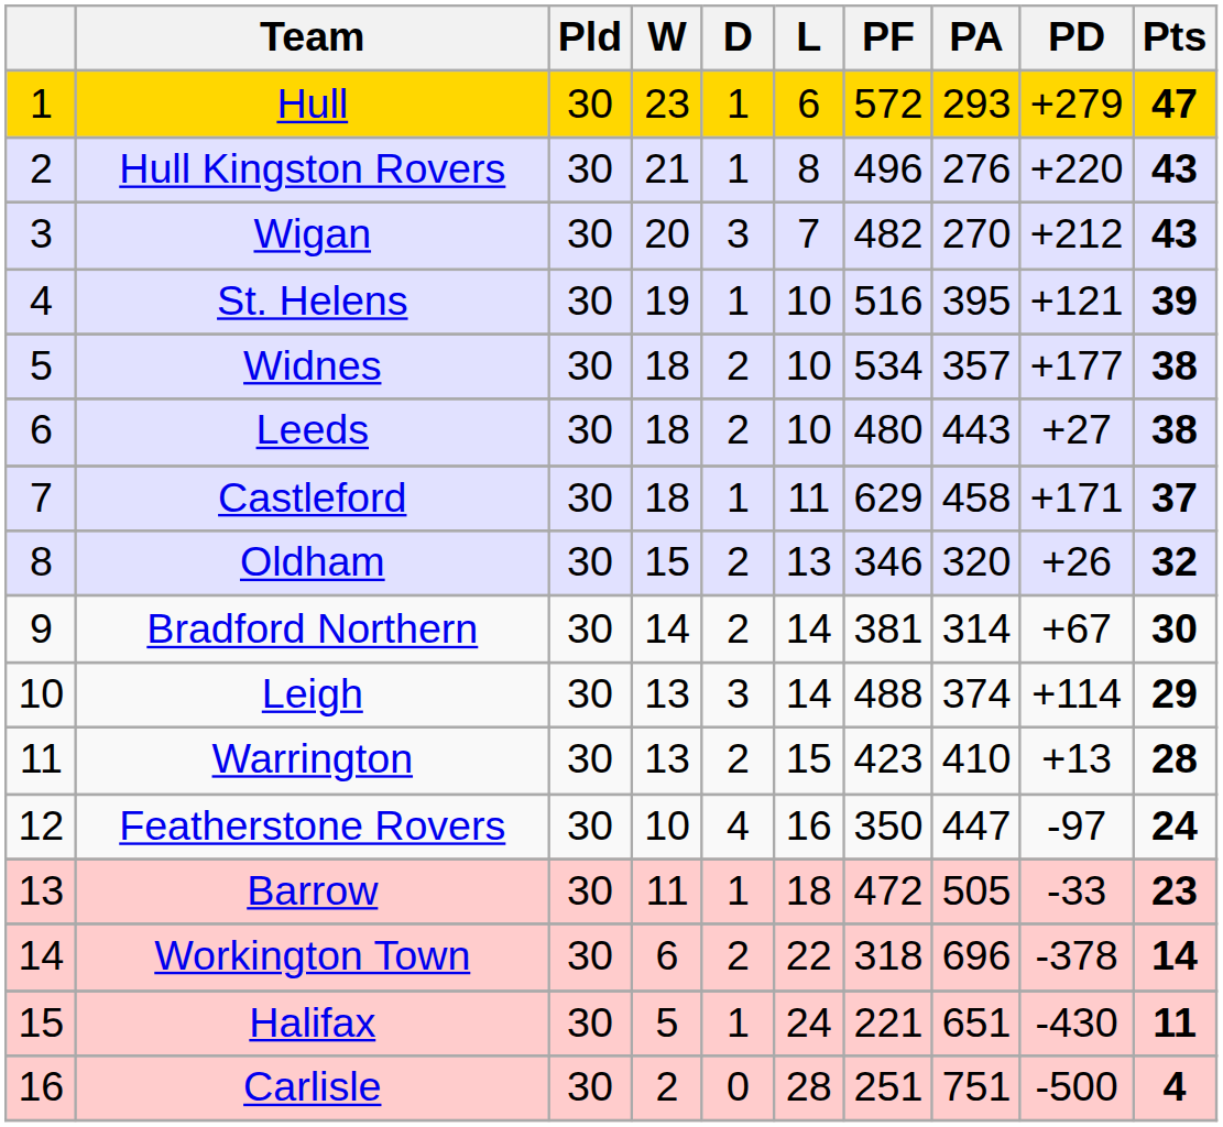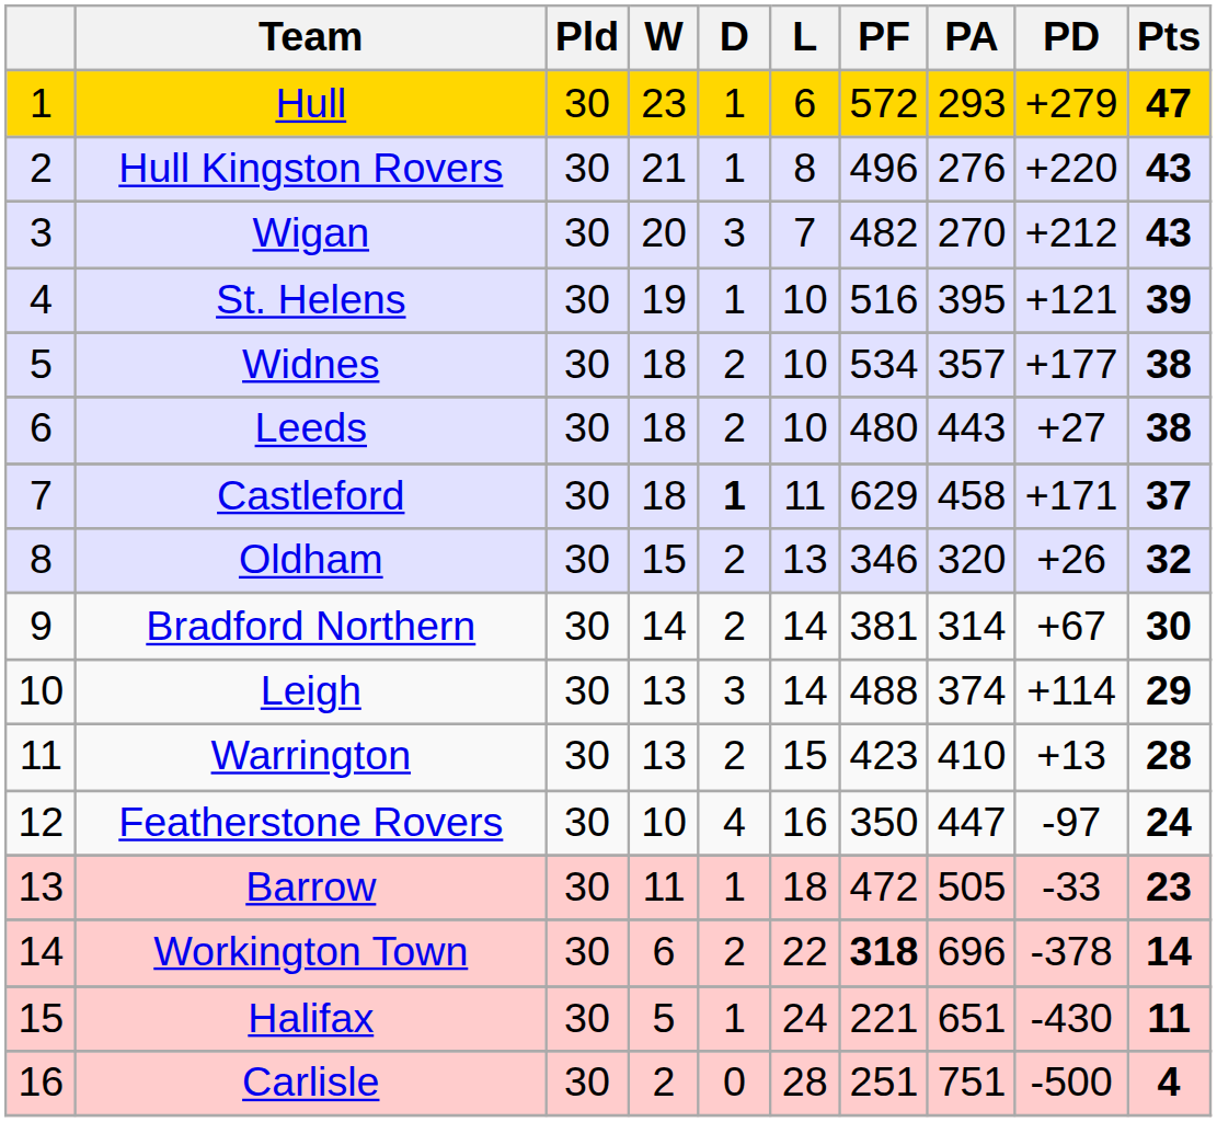 <table class="wikitable" style="text-align:center;">
 <tr>
 <th width=20 abbr="Position"></th>
 <th width=175>Team</th>
 <th width=20 abbr="Played">Pld</th>
 <th width=20 abbr="Won">W</th>
 <th width=20 abbr="Drawn">D</th>
 <th width=20 abbr="Lost">L</th>
 <th width=20 abbr="Points for">PF</th>
 <th width=20 abbr="Points against">PA</th>
 <th width=20 abbr="Points difference">PD</th>
 <th width=20 abbr="Points">Pts</th>
 </tr>
 <tr>
 </tr>
 <tr align=center style="background:#FFD700;">
 <td>1</td>
 <td style="text-align:center;"> <a href='#'>Hull</a></td>
 <td>30</td>
 <td>23</td>
 <td>1</td>
 <td>6</td>
 <td>572</td>
 <td>293</td>
 <td>+279</td>
 <td><strong>47</strong></td>
 </tr>
 <tr --->
 </tr>
 <tr align=center style="background:#e1e1ff;">
 <td>2</td>
 <td style="text-align:center;"> <a href='#'>Hull Kingston Rovers</a></td>
 <td>30</td>
 <td>21</td>
 <td>1</td>
 <td>8</td>
 <td>496</td>
 <td>276</td>
 <td>+220</td>
 <td><strong>43</strong></td>
 </tr>
 <tr --->
 </tr>
 <tr align=center style="background:#e1e1ff;">
 <td>3</td>
 <td style="text-align:center;"> <a href='#'>Wigan</a></td>
 <td>30</td>
 <td>20</td>
 <td>3</td>
 <td>7</td>
 <td>482</td>
 <td>270</td>
 <td>+212</td>
 <td><strong>43</strong></td>
 </tr>
 <tr --->
 </tr>
 <tr align=center style="background:#e1e1ff;">
 <td>4</td>
 <td style="text-align:center;"> <a href='#'>St. Helens</a></td>
 <td>30</td>
 <td>19</td>
 <td>1</td>
 <td>10</td>
 <td>516</td>
 <td>395</td>
 <td>+121</td>
 <td><strong>39</strong></td>
 </tr>
 <tr --->
 </tr>
 <tr align=center style="background:#e1e1ff;">
 <td>5</td>
 <td style="text-align:center;"> <a href='#'>Widnes</a></td>
 <td>30</td>
 <td>18</td>
 <td>2</td>
 <td>10</td>
 <td>534</td>
 <td>357</td>
 <td>+177</td>
 <td><strong>38</strong></td>
 </tr>
 <tr --->
 </tr>
 <tr align=center style="background:#e1e1ff;">
 <td>6</td>
 <td style="text-align:center;"> <a href='#'>Leeds</a></td>
 <td>30</td>
 <td>18</td>
 <td>2</td>
 <td>10</td>
 <td>480</td>
 <td>443</td>
 <td>+27</td>
 <td><strong>38</strong></td>
 </tr>
 <tr --->
 </tr>
 <tr align=center style="background:#e1e1ff;">
 <td>7</td>
 <td style="text-align:center;"> <a href='#'>Castleford</a></td>
 <td>30</td>
 <td>18</td>
-<td>1</td>
+<td><strong>1</strong></td>
 <td>11</td>
 <td>629</td>
 <td>458</td>
 <td>+171</td>
 <td><strong>37</strong></td>
 </tr>
 <tr --->
 </tr>
 <tr align=center style="background:#e1e1ff;">
 <td>8</td>
 <td style="text-align:center;"> <a href='#'>Oldham</a></td>
 <td>30</td>
 <td>15</td>
 <td>2</td>
 <td>13</td>
 <td>346</td>
 <td>320</td>
 <td>+26</td>
 <td><strong>32</strong></td>
 </tr>
 <tr --->
 </tr>
 <tr align=center style="background:">
 <td>9</td>
 <td style="text-align:center;"> <a href='#'>Bradford Northern</a></td>
 <td>30</td>
 <td>14</td>
 <td>2</td>
 <td>14</td>
 <td>381</td>
 <td>314</td>
 <td>+67</td>
 <td><strong>30</strong></td>
 </tr>
 <tr --->
 </tr>
 <tr align=center style="background:">
 <td>10</td>
 <td style="text-align:center;"> <a href='#'>Leigh</a></td>
 <td>30</td>
 <td>13</td>
 <td>3</td>
 <td>14</td>
 <td>488</td>
 <td>374</td>
 <td>+114</td>
 <td><strong>29</strong></td>
 </tr>
 <tr --->
 </tr>
 <tr align=center style="background:">
 <td>11</td>
 <td style="text-align:center;"> <a href='#'>Warrington</a></td>
 <td>30</td>
 <td>13</td>
 <td>2</td>
 <td>15</td>
 <td>423</td>
 <td>410</td>
 <td>+13</td>
 <td><strong>28</strong></td>
 </tr>
 <tr --->
 </tr>
 <tr align=center style="background:">
 <td>12</td>
 <td style="text-align:center;"> <a href='#'>Featherstone Rovers</a></td>
 <td>30</td>
 <td>10</td>
 <td>4</td>
 <td>16</td>
 <td>350</td>
 <td>447</td>
 <td>-97</td>
 <td><strong>24</strong></td>
 </tr>
 <tr --->
 </tr>
 <tr align=center style="background:#FFCCCC">
 <td>13</td>
 <td style="text-align:center;"> <a href='#'>Barrow</a></td>
 <td>30</td>
 <td>11</td>
 <td>1</td>
 <td>18</td>
 <td>472</td>
 <td>505</td>
 <td>-33</td>
 <td><strong>23</strong></td>
 </tr>
 <tr --->
 </tr>
 <tr align=center style="background:#FFCCCC">
 <td>14</td>
 <td style="text-align:center;"> <a href='#'>Workington Town</a></td>
 <td>30</td>
 <td>6</td>
 <td>2</td>
 <td>22</td>
-<td>318</td>
+<td><strong>318</strong></td>
 <td>696</td>
 <td>-378</td>
 <td><strong>14</strong></td>
 </tr>
 <tr --->
 </tr>
 <tr align=center style="background:#FFCCCC">
 <td>15</td>
 <td style="text-align:center;"> <a href='#'>Halifax</a></td>
 <td>30</td>
 <td>5</td>
 <td>1</td>
 <td>24</td>
 <td>221</td>
 <td>651</td>
 <td>-430</td>
 <td><strong>11</strong></td>
 </tr>
 <tr --->
 </tr>
 <tr align=center style="background:#FFCCCC">
 <td>16</td>
 <td style="text-align:center;"><a href='#'>Carlisle</a></td>
 <td>30</td>
 <td>2</td>
 <td>0</td>
 <td>28</td>
 <td>251</td>
 <td>751</td>
 <td>-500</td>
 <td><strong>4</strong></td>
 </tr>
 <tr --->
 </tr>
 </table>
